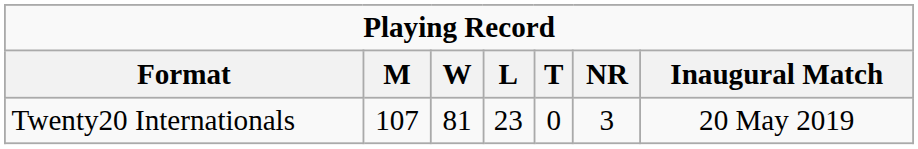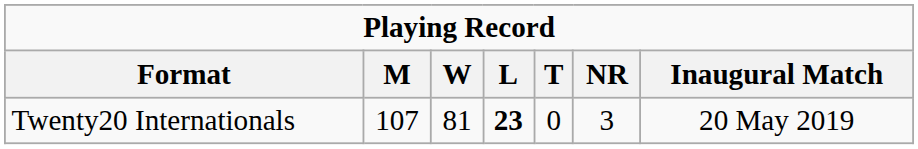 <table class="wikitable" style="text-align: center; width: 500px;">
 <tr>
 <td colspan=7 align="center"><strong>Playing Record</strong></td>
 </tr>
 <tr>
 <th>Format</th>
 <th>M</th>
 <th>W</th>
 <th>L</th>
 <th>T</th>
 <th>NR</th>
 <th>Inaugural Match</th>
 </tr>
 <tr>
 <td align="left">Twenty20 Internationals</td>
 <td>107</td>
 <td>81</td>
-<td>23</td>
+<td><strong>23</strong></td>
 <td>0</td>
 <td>3</td>
 <td>20 May 2019</td>
 </tr>
 </table>
